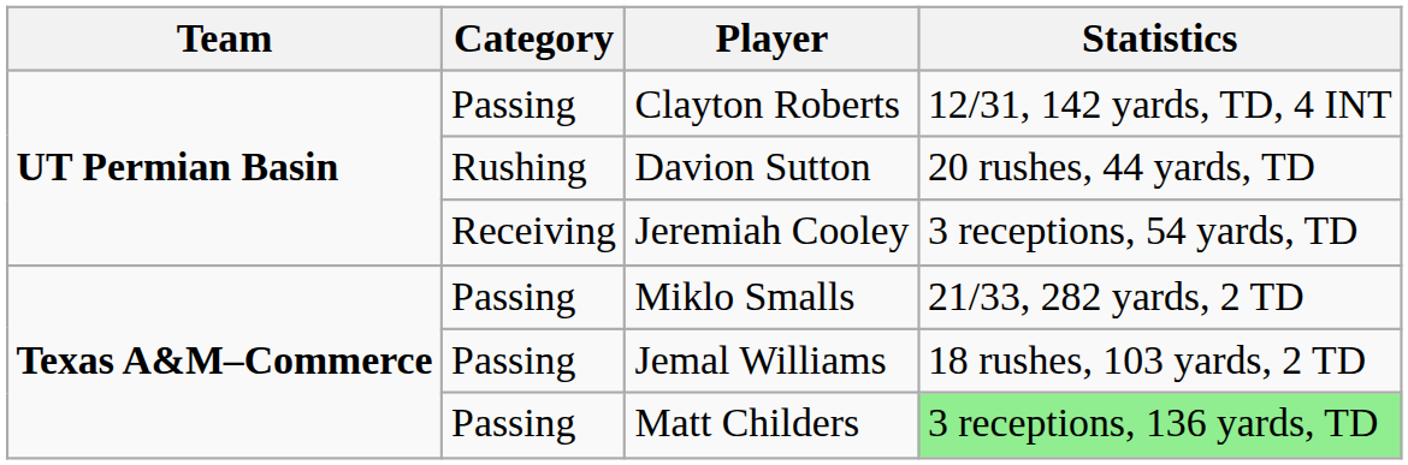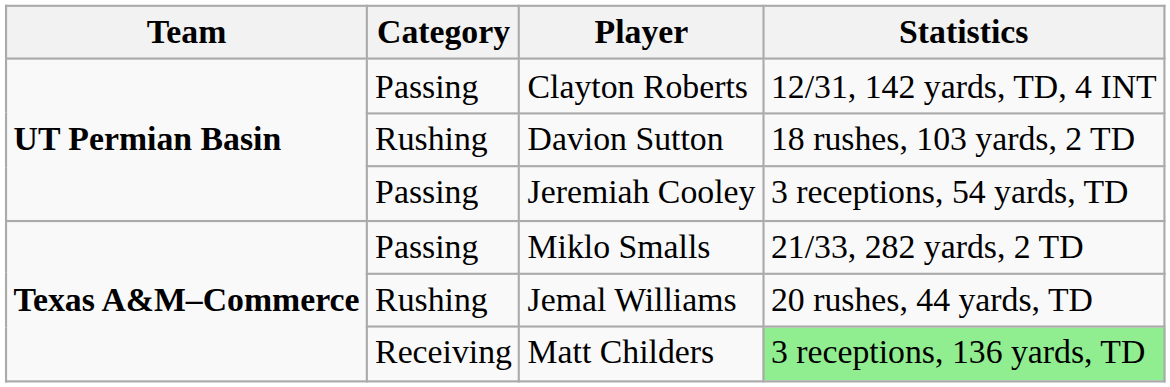 <table class="wikitable" style="float: right;">
 <tr>
 <th>Team</th>
 <th>Category</th>
 <th>Player</th>
 <th>Statistics</th>
 </tr>
 <tr>
 <td rowspan=3><strong>UT Permian Basin</strong></td>
 <td>Passing</td>
 <td>Clayton Roberts</td>
 <td>12/31, 142 yards, TD, 4 INT</td>
 </tr>
 <tr>
 <td>Rushing</td>
 <td>Davion Sutton</td>
-<td>20 rushes, 44 yards, TD</td>
+<td>18 rushes, 103 yards, 2 TD</td>
 </tr>
 <tr>
-<td>Receiving</td>
+<td>Passing</td>
 <td>Jeremiah Cooley</td>
 <td>3 receptions, 54 yards, TD</td>
 </tr>
 <tr>
 <td rowspan=3><strong>Texas A&M–Commerce</strong></td>
 <td>Passing</td>
 <td>Miklo Smalls</td>
 <td>21/33, 282 yards, 2 TD</td>
 </tr>
 <tr>
-<td>Passing</td>
+<td>Rushing</td>
 <td>Jemal Williams</td>
-<td>18 rushes, 103 yards, 2 TD</td>
+<td>20 rushes, 44 yards, TD</td>
 </tr>
 <tr>
-<td>Passing</td>
+<td>Receiving</td>
 <td>Matt Childers</td>
 <td style="background: lightgreen;">3 receptions, 136 yards, TD</td>
 </tr>
 </table>
